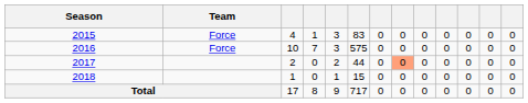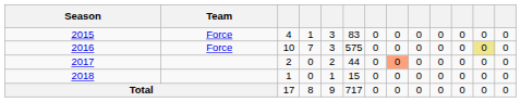 <table class="wikitable" style="text-align:center; line-height:90%; font-size:95%; width:60%;">
 <tr style="line-height:175%;">
 <th>Season</th>
 <th>Team</th>
 <th style="width:25px;"></th>
 <th style="width:25px;"></th>
 <th style="width:25px;"></th>
 <th style="width:25px;"></th>
 <th style="width:25px;"></th>
 <th style="width:25px;"></th>
 <th style="width:25px;"></th>
 <th style="width:25px;"></th>
 <th style="width:25px;"></th>
 <th style="width:25px;"></th>
 <th style="width:25px;"></th>
 </tr>
 <tr>
 <td><a href='#'>2015</a></td>
 <td><a href='#'>Force</a></td>
 <td>4</td>
 <td>1</td>
 <td>3</td>
 <td>83</td>
 <td>0</td>
 <td>0</td>
 <td>0</td>
 <td>0</td>
 <td>0</td>
 <td>0</td>
 <td>0</td>
 </tr>
 <tr>
 <td><a href='#'>2016</a></td>
 <td><a href='#'>Force</a></td>
 <td>10</td>
 <td>7</td>
 <td>3</td>
 <td>575</td>
 <td>0</td>
 <td>0</td>
 <td>0</td>
 <td>0</td>
 <td>0</td>
-<td>0</td>
+<td style="background: khaki;">0</td>
 <td>0</td>
 </tr>
 <tr>
 <td><a href='#'>2017</a></td>
 <td></td>
 <td>2</td>
 <td>0</td>
 <td>2</td>
 <td>44</td>
 <td>0</td>
 <td style="background: lightsalmon;">0</td>
 <td>0</td>
 <td>0</td>
 <td>0</td>
 <td>0</td>
 <td>0</td>
 </tr>
 <tr>
 <td><a href='#'>2018</a></td>
 <td></td>
 <td>1</td>
 <td>0</td>
 <td>1</td>
 <td>15</td>
 <td>0</td>
 <td>0</td>
 <td>0</td>
 <td>0</td>
 <td>0</td>
 <td>0</td>
 <td>0</td>
 </tr>
 <tr>
 <th colspan="2">Total</th>
 <td>17</td>
 <td>8</td>
 <td>9</td>
 <td>717</td>
 <td>0</td>
 <td>0</td>
 <td>0</td>
 <td>0</td>
 <td>0</td>
 <td>0</td>
 <td>0</td>
 </tr>
 </table>
